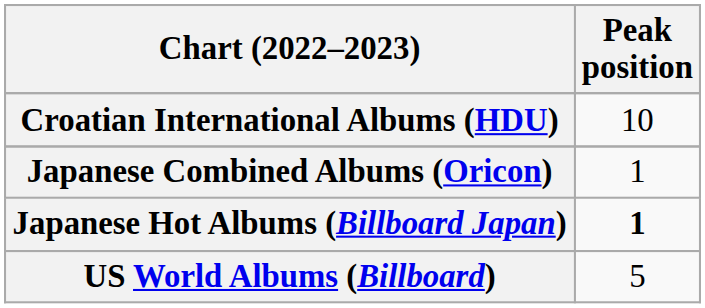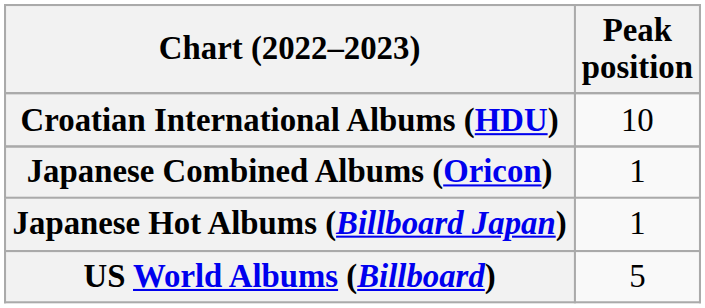 <table class="wikitable sortable plainrowheaders" style="text-align:center;">
 <tr>
 <th scope="col">Chart (2022–2023)</th>
 <th scope="col">Peak<br>position</th>
 </tr>
 <tr>
 </tr>
 <tr>
 <th scope="row">Croatian International Albums (<a href='#'>HDU</a>)</th>
 <td>10</td>
 </tr>
 <tr>
 </tr>
 <tr>
 </tr>
 <tr>
 </tr>
 <tr>
 <th scope="row">Japanese Combined Albums (<a href='#'>Oricon</a>)</th>
 <td>1</td>
 </tr>
 <tr>
 <th scope="row">Japanese Hot Albums (<em><a href='#'>Billboard Japan</a></em>)</th>
-<td><strong>1</strong></td>
+<td>1</td>
 </tr>
 <tr>
 </tr>
 <tr>
 <th scope="row">US <a href='#'>World Albums</a> (<em><a href='#'>Billboard</a></em>)</th>
 <td>5</td>
 </tr>
 </table>
